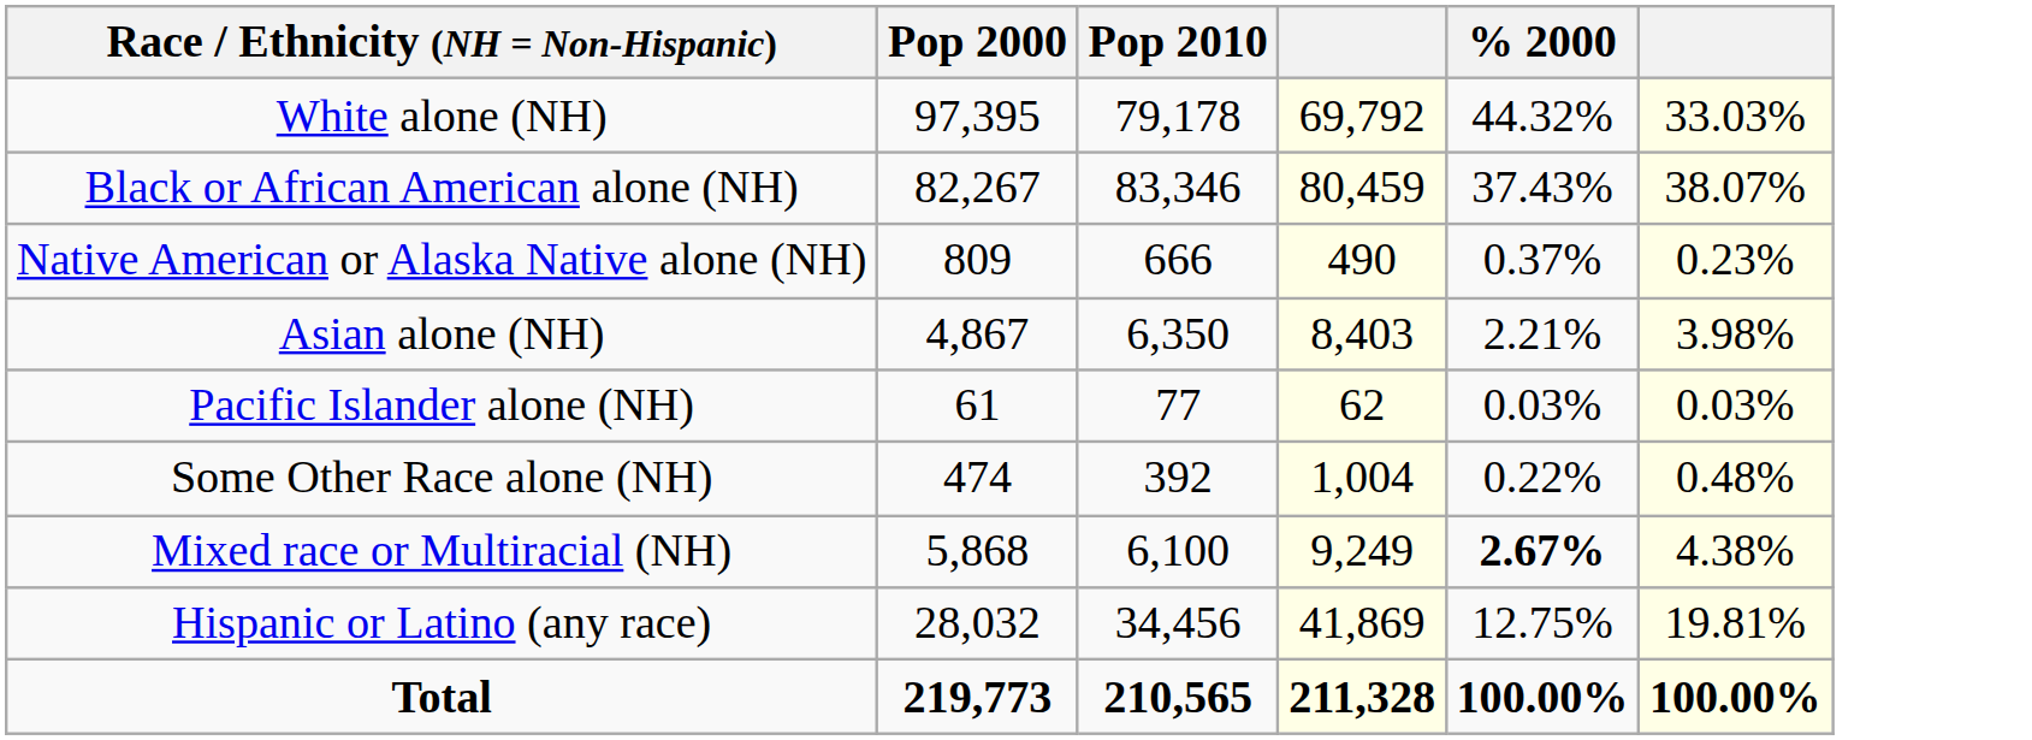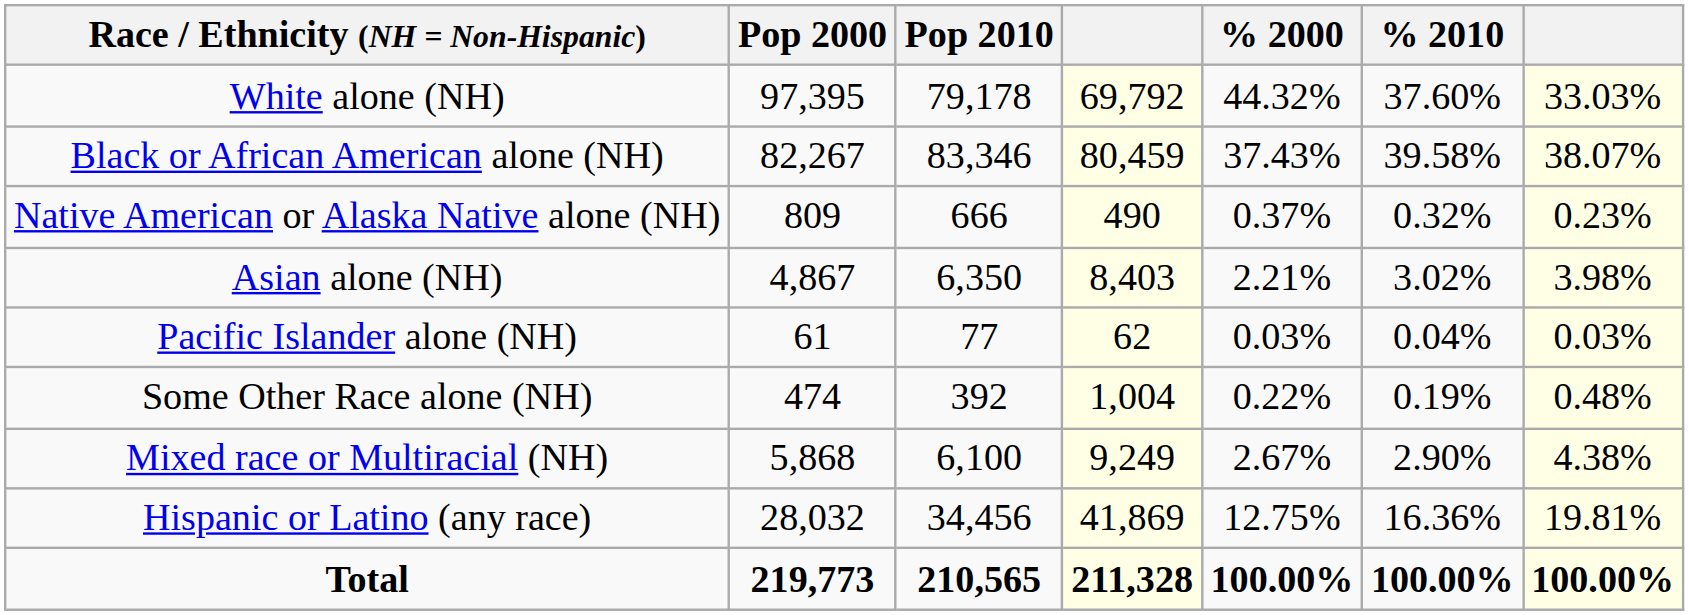 <table class="wikitable" style="text-align:center;">
 <tr>
 <th>Race / Ethnicity <small>(<em>NH = Non-Hispanic</em>)</small></th>
 <th>Pop 2000</th>
 <th>Pop 2010</th>
 <th></th>
 <th>% 2000</th>
+<th>% 2010</th>
 <th></th>
 </tr>
 <tr>
 <td><a href='#'>White</a> alone (NH)</td>
 <td>97,395</td>
 <td>79,178</td>
 <td style='background: #ffffe6;'>69,792</td>
 <td>44.32%</td>
+<td>37.60%</td>
 <td style='background: #ffffe6;'>33.03%</td>
 </tr>
 <tr>
 <td><a href='#'>Black or African American</a> alone (NH)</td>
 <td>82,267</td>
 <td>83,346</td>
 <td style='background: #ffffe6;'>80,459</td>
 <td>37.43%</td>
+<td>39.58%</td>
 <td style='background: #ffffe6;'>38.07%</td>
 </tr>
 <tr>
 <td><a href='#'>Native American</a> or <a href='#'>Alaska Native</a> alone (NH)</td>
 <td>809</td>
 <td>666</td>
 <td style='background: #ffffe6;'>490</td>
 <td>0.37%</td>
+<td>0.32%</td>
 <td style='background: #ffffe6;'>0.23%</td>
 </tr>
 <tr>
 <td><a href='#'>Asian</a> alone (NH)</td>
 <td>4,867</td>
 <td>6,350</td>
 <td style='background: #ffffe6;'>8,403</td>
 <td>2.21%</td>
+<td>3.02%</td>
 <td style='background: #ffffe6;'>3.98%</td>
 </tr>
 <tr>
 <td><a href='#'>Pacific Islander</a> alone (NH)</td>
 <td>61</td>
 <td>77</td>
 <td style='background: #ffffe6;'>62</td>
 <td>0.03%</td>
+<td>0.04%</td>
 <td style='background: #ffffe6;'>0.03%</td>
 </tr>
 <tr>
 <td>Some Other Race alone (NH)</td>
 <td>474</td>
 <td>392</td>
 <td style='background: #ffffe6;'>1,004</td>
 <td>0.22%</td>
+<td>0.19%</td>
 <td style='background: #ffffe6;'>0.48%</td>
 </tr>
 <tr>
 <td><a href='#'>Mixed race or Multiracial</a> (NH)</td>
 <td>5,868</td>
 <td>6,100</td>
 <td style='background: #ffffe6;'>9,249</td>
-<td><strong>2.67%</strong></td>
+<td>2.67%</td>
+<td>2.90%</td>
 <td style='background: #ffffe6;'>4.38%</td>
 </tr>
 <tr>
 <td><a href='#'>Hispanic or Latino</a> (any race)</td>
 <td>28,032</td>
 <td>34,456</td>
 <td style='background: #ffffe6;'>41,869</td>
 <td>12.75%</td>
+<td>16.36%</td>
 <td style='background: #ffffe6;'>19.81%</td>
 </tr>
 <tr>
 <td><strong>Total</strong></td>
 <td><strong>219,773</strong></td>
 <td><strong>210,565</strong></td>
 <td style='background: #ffffe6;'><strong>211,328</strong></td>
 <td><strong>100.00%</strong></td>
+<td><strong>100.00%</strong></td>
 <td style='background: #ffffe6;'><strong>100.00%</strong></td>
 </tr>
 </table>
